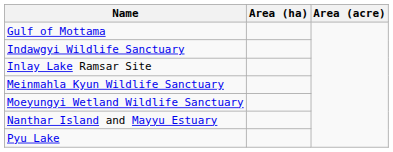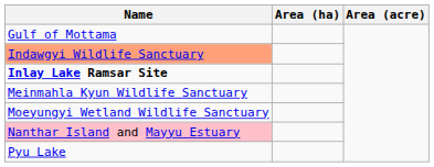 <table class="wikitable sortable">
 <tr>
 <th scope="col" align=left>Name</th>
 <th scope="col">Area (ha)</th>
 <th scope="col">Area (acre)</th>
 </tr>
 <tr ---->
 <td><a href='#'>Gulf of Mottama</a></td>
 <td></td>
 </tr>
 <tr ---->
-<td><a href='#'>Indawgyi Wildlife Sanctuary</a></td>
+<td style="background: lightsalmon;"><a href='#'>Indawgyi Wildlife Sanctuary</a></td>
 <td></td>
 </tr>
 <tr ---->
-<td><a href='#'>Inlay Lake</a> Ramsar Site</td>
+<td><strong><a href='#'>Inlay Lake</a> Ramsar Site</strong></td>
 <td></td>
 </tr>
 <tr ---->
 <td><a href='#'>Meinmahla Kyun Wildlife Sanctuary</a></td>
 <td></td>
 </tr>
 <tr ---->
 <td><a href='#'>Moeyungyi Wetland Wildlife Sanctuary</a></td>
 <td></td>
 </tr>
 <tr ---->
-<td><a href='#'>Nanthar Island</a> and <a href='#'>Mayyu Estuary</a></td>
+<td style="background: pink;"><a href='#'>Nanthar Island</a> and <a href='#'>Mayyu Estuary</a></td>
 <td></td>
 </tr>
 <tr ---->
 <td><a href='#'>Pyu Lake</a></td>
 <td></td>
 </tr>
 </table>
